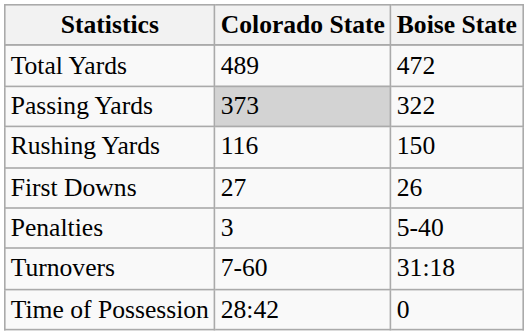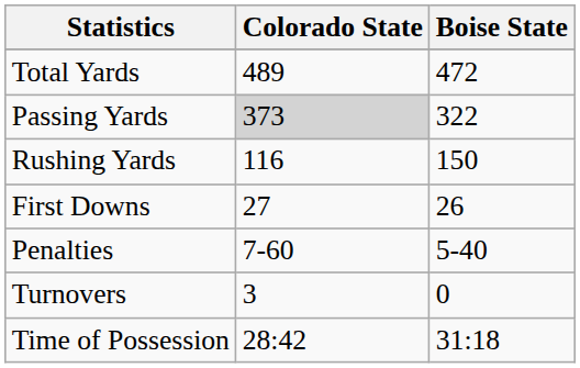 <table class="wikitable">
 <tr>
 <th>Statistics</th>
 <th>Colorado State</th>
 <th>Boise State</th>
 </tr>
 <tr>
 </tr>
 <tr>
 <td>Total Yards</td>
 <td>489</td>
 <td>472</td>
 </tr>
 <tr>
 <td>Passing Yards</td>
 <td style="background: lightgrey;">373</td>
 <td>322</td>
 </tr>
 <tr>
 <td>Rushing Yards</td>
 <td>116</td>
 <td>150</td>
 </tr>
 <tr>
 <td>First Downs</td>
 <td>27</td>
 <td>26</td>
 </tr>
 <tr>
 <td>Penalties</td>
-<td>3</td>
+<td>7-60</td>
 <td>5-40</td>
 </tr>
 <tr>
 <td>Turnovers</td>
-<td>7-60</td>
-<td>31:18</td>
+<td>3</td>
+<td>0</td>
 </tr>
 <tr>
 <td>Time of Possession</td>
 <td>28:42</td>
-<td>0</td>
+<td>31:18</td>
 </tr>
 </table>
